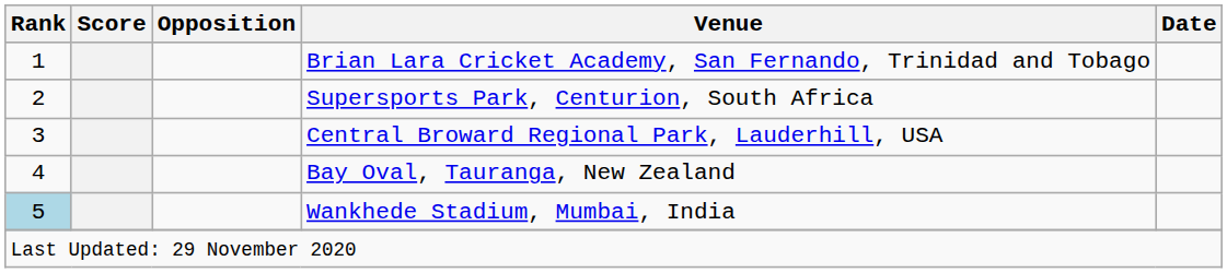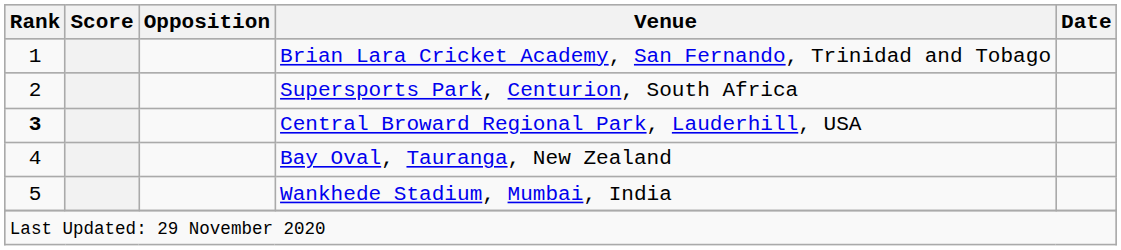 <table class="wikitable plainrowheaders sortable">
 <tr>
 <th scope=col>Rank</th>
 <th scope=col>Score</th>
 <th scope=col>Opposition</th>
 <th scope=col>Venue</th>
 <th scope=col>Date</th>
 </tr>
 <tr>
 <td align=center>1</td>
 <th scope=row style=text-align:center;></th>
 <td></td>
 <td><a href='#'>Brian Lara Cricket Academy</a>, <a href='#'>San Fernando</a>, Trinidad and Tobago</td>
 <td></td>
 </tr>
 <tr>
 <td align=center>2</td>
 <th scope=row style=text-align:center;></th>
 <td></td>
 <td><a href='#'>Supersports Park</a>, <a href='#'>Centurion</a>, South Africa</td>
 <td></td>
 </tr>
 <tr>
-<td align=center>3</td>
+<td align=center><strong>3</strong></td>
 <th scope=row style=text-align:center;></th>
 <td></td>
 <td><a href='#'>Central Broward Regional Park</a>, <a href='#'>Lauderhill</a>, USA</td>
 <td></td>
 </tr>
 <tr>
 <td align=center>4</td>
 <th scope=row style=text-align:center;></th>
 <td></td>
 <td><a href='#'>Bay Oval</a>, <a href='#'>Tauranga</a>, New Zealand</td>
 <td></td>
 </tr>
 <tr>
-<td align=center style="background: lightblue;">5</td>
+<td align=center>5</td>
 <th scope=row style=text-align:center;></th>
 <td></td>
 <td><a href='#'>Wankhede Stadium</a>, <a href='#'>Mumbai</a>, India</td>
 <td></td>
 </tr>
 <tr>
 </tr>
 <tr class=sortbottom>
 <td colspan=5><small>Last Updated: 29 November 2020</small></td>
 </tr>
 </table>
